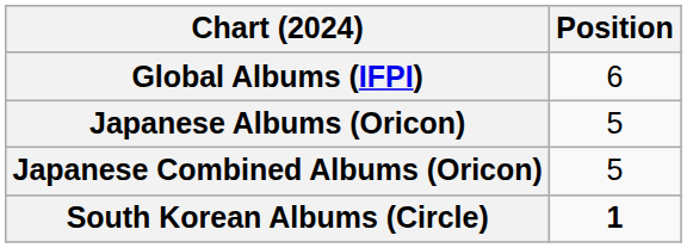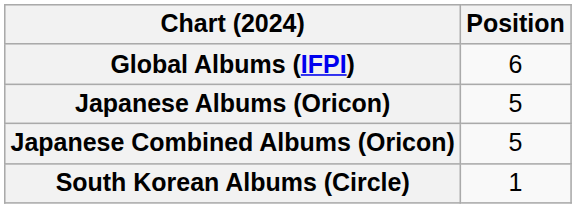 <table class="wikitable sortable plainrowheaders" style="text-align:center">
 <tr>
 <th scope="col">Chart (2024)</th>
 <th scope="col">Position</th>
 </tr>
 <tr>
 <th scope="row">Global Albums (<a href='#'>IFPI</a>)</th>
 <td>6</td>
 </tr>
 <tr>
 <th scope="row">Japanese Albums (Oricon)</th>
 <td>5</td>
 </tr>
 <tr>
 <th scope="row">Japanese Combined Albums (Oricon)</th>
 <td>5</td>
 </tr>
 <tr>
 <th scope="row">South Korean Albums (Circle)</th>
-<td><strong>1</strong></td>
+<td>1</td>
 </tr>
 </table>
